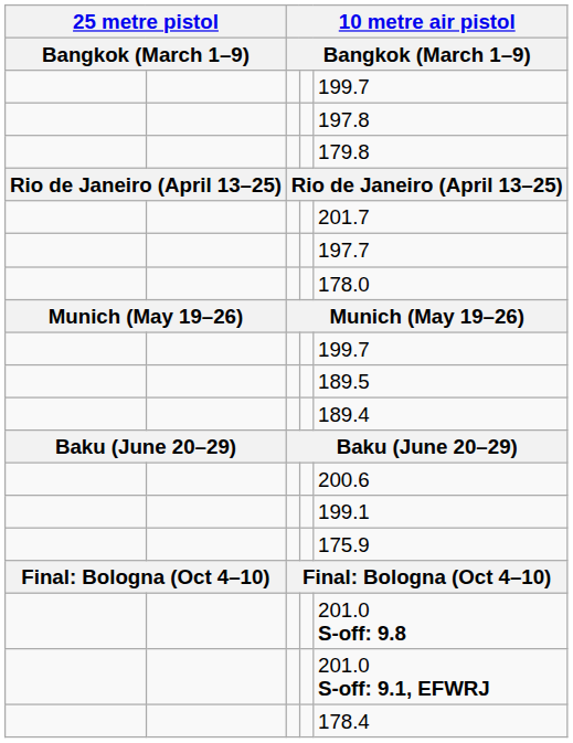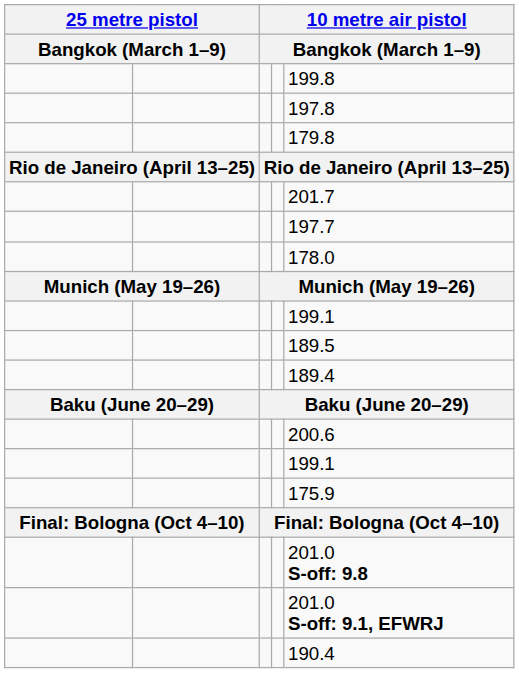 <table class="wikitable" style="font-size: 95%">
 <tr>
 <th colspan="2"><a href='#'>25 metre pistol</a></th>
 <th colspan=3><a href='#'>10 metre air pistol</a></th>
 </tr>
 <tr>
 <th colspan="2">Bangkok (March 1–9)</th>
 <th colspan=3>Bangkok (March 1–9)</th>
 </tr>
 <tr>
 <td></td>
 <td></td>
 <td></td>
 <td></td>
-<td>199.7</td>
+<td>199.8</td>
 </tr>
 <tr>
 <td></td>
 <td></td>
 <td></td>
 <td></td>
 <td>197.8</td>
 </tr>
 <tr>
 <td></td>
 <td></td>
 <td></td>
 <td></td>
 <td>179.8</td>
 </tr>
 <tr>
 <th colspan="2">Rio de Janeiro (April 13–25)</th>
 <th colspan=3>Rio de Janeiro (April 13–25)</th>
 </tr>
 <tr>
 <td></td>
 <td></td>
 <td></td>
 <td></td>
 <td>201.7</td>
 </tr>
 <tr>
 <td></td>
 <td></td>
 <td></td>
 <td></td>
 <td>197.7</td>
 </tr>
 <tr>
 <td></td>
 <td></td>
 <td></td>
 <td></td>
 <td>178.0</td>
 </tr>
 <tr>
 <th colspan="2">Munich (May 19–26)</th>
 <th colspan=3>Munich (May 19–26)</th>
 </tr>
 <tr>
 <td></td>
 <td></td>
 <td></td>
 <td></td>
-<td>199.7</td>
+<td>199.1</td>
 </tr>
 <tr>
 <td></td>
 <td></td>
 <td></td>
 <td></td>
 <td>189.5</td>
 </tr>
 <tr>
 <td></td>
 <td></td>
 <td></td>
 <td></td>
 <td>189.4</td>
 </tr>
 <tr>
 <th colspan="2">Baku (June 20–29)</th>
 <th colspan=3>Baku (June 20–29)</th>
 </tr>
 <tr>
 <td></td>
 <td></td>
 <td></td>
 <td></td>
 <td>200.6</td>
 </tr>
 <tr>
 <td></td>
 <td></td>
 <td></td>
 <td></td>
 <td>199.1</td>
 </tr>
 <tr>
 <td></td>
 <td></td>
 <td></td>
 <td></td>
 <td>175.9</td>
 </tr>
 <tr>
 <th colspan="2">Final: Bologna (Oct 4–10)</th>
 <th colspan=3>Final: Bologna (Oct 4–10)</th>
 </tr>
 <tr>
 <td></td>
 <td></td>
 <td></td>
 <td></td>
 <td>201.0<br><strong>S-off: 9.8</strong></td>
 </tr>
 <tr>
 <td></td>
 <td></td>
 <td></td>
 <td></td>
 <td>201.0<br><strong>S-off: 9.1, EFWRJ</strong></td>
 </tr>
 <tr>
 <td></td>
 <td></td>
 <td></td>
 <td></td>
-<td>178.4</td>
+<td>190.4</td>
 </tr>
 </table>
